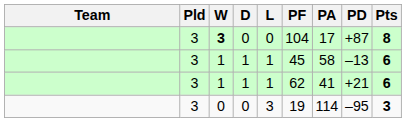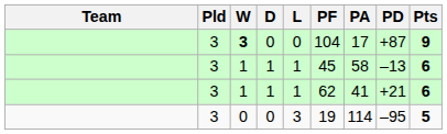 <table class="wikitable" style="text-align:center;">
 <tr>
 <th width=190>Team</th>
 <th width=20 abbr="Played">Pld</th>
 <th width=20 abbr="Won">W</th>
 <th width=20 abbr="Drawn">D</th>
 <th width=20 abbr="Lost">L</th>
 <th width=20 abbr="Points for">PF</th>
 <th width=20 abbr="Points against">PA</th>
 <th width=25 abbr="Points difference">PD</th>
 <th width=20 abbr="Points">Pts</th>
 </tr>
 <tr style="background:#ccffcc">
 <td align=left></td>
 <td>3</td>
 <td><strong>3</strong></td>
 <td>0</td>
 <td>0</td>
 <td>104</td>
 <td>17</td>
 <td>+87</td>
-<td><strong>8</strong></td>
+<td><strong>9</strong></td>
 </tr>
 <tr style="background:#ccffcc">
 <td align=left></td>
 <td>3</td>
 <td>1</td>
 <td>1</td>
 <td>1</td>
 <td>45</td>
 <td>58</td>
 <td>–13</td>
 <td><strong>6</strong></td>
 </tr>
 <tr style="background:#ccffcc">
 <td align=left></td>
 <td>3</td>
 <td>1</td>
 <td>1</td>
 <td>1</td>
 <td>62</td>
 <td>41</td>
 <td>+21</td>
 <td><strong>6</strong></td>
 </tr>
 <tr>
 <td align=left></td>
 <td>3</td>
 <td>0</td>
 <td>0</td>
 <td>3</td>
 <td>19</td>
 <td>114</td>
 <td>–95</td>
-<td><strong>3</strong></td>
+<td><strong>5</strong></td>
 </tr>
 </table>
